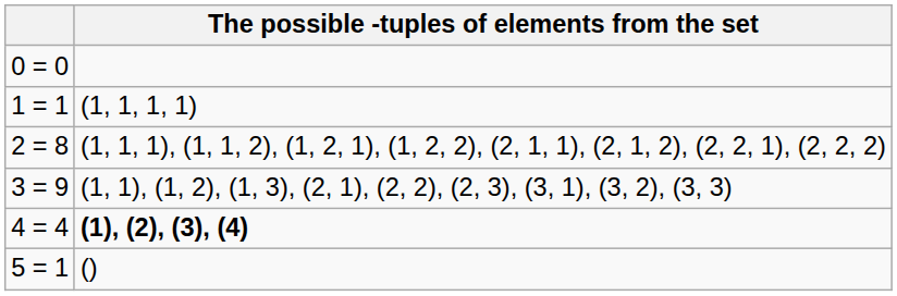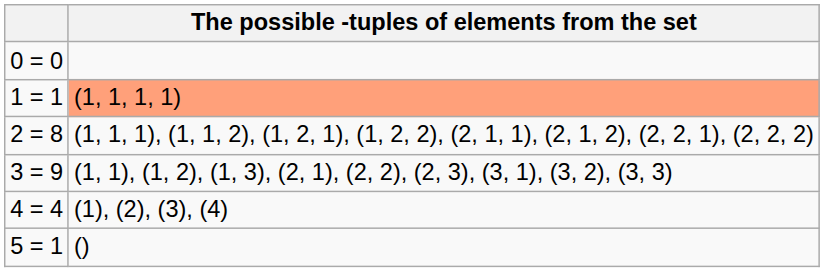 <table class="wikitable">
 <tr>
 <th></th>
 <th>The  possible -tuples of elements from the set </th>
 </tr>
 <tr>
 <td>0 = 0</td>
 <td></td>
 </tr>
 <tr>
 <td>1 = 1</td>
-<td>(1, 1, 1, 1)</td>
+<td style="background: lightsalmon;">(1, 1, 1, 1)</td>
 </tr>
 <tr>
 <td>2 = 8</td>
 <td>(1, 1, 1), (1, 1, 2), (1, 2, 1), (1, 2, 2), (2, 1, 1), (2, 1, 2), (2, 2, 1), (2, 2, 2)</td>
 </tr>
 <tr>
 <td>3 = 9</td>
 <td>(1, 1), (1, 2), (1, 3), (2, 1), (2, 2), (2, 3), (3, 1), (3, 2), (3, 3)</td>
 </tr>
 <tr>
 <td>4 = 4</td>
-<td><strong>(1), (2), (3), (4)</strong></td>
+<td>(1), (2), (3), (4)</td>
 </tr>
 <tr>
 <td>5 = 1</td>
 <td>()</td>
 </tr>
 </table>
